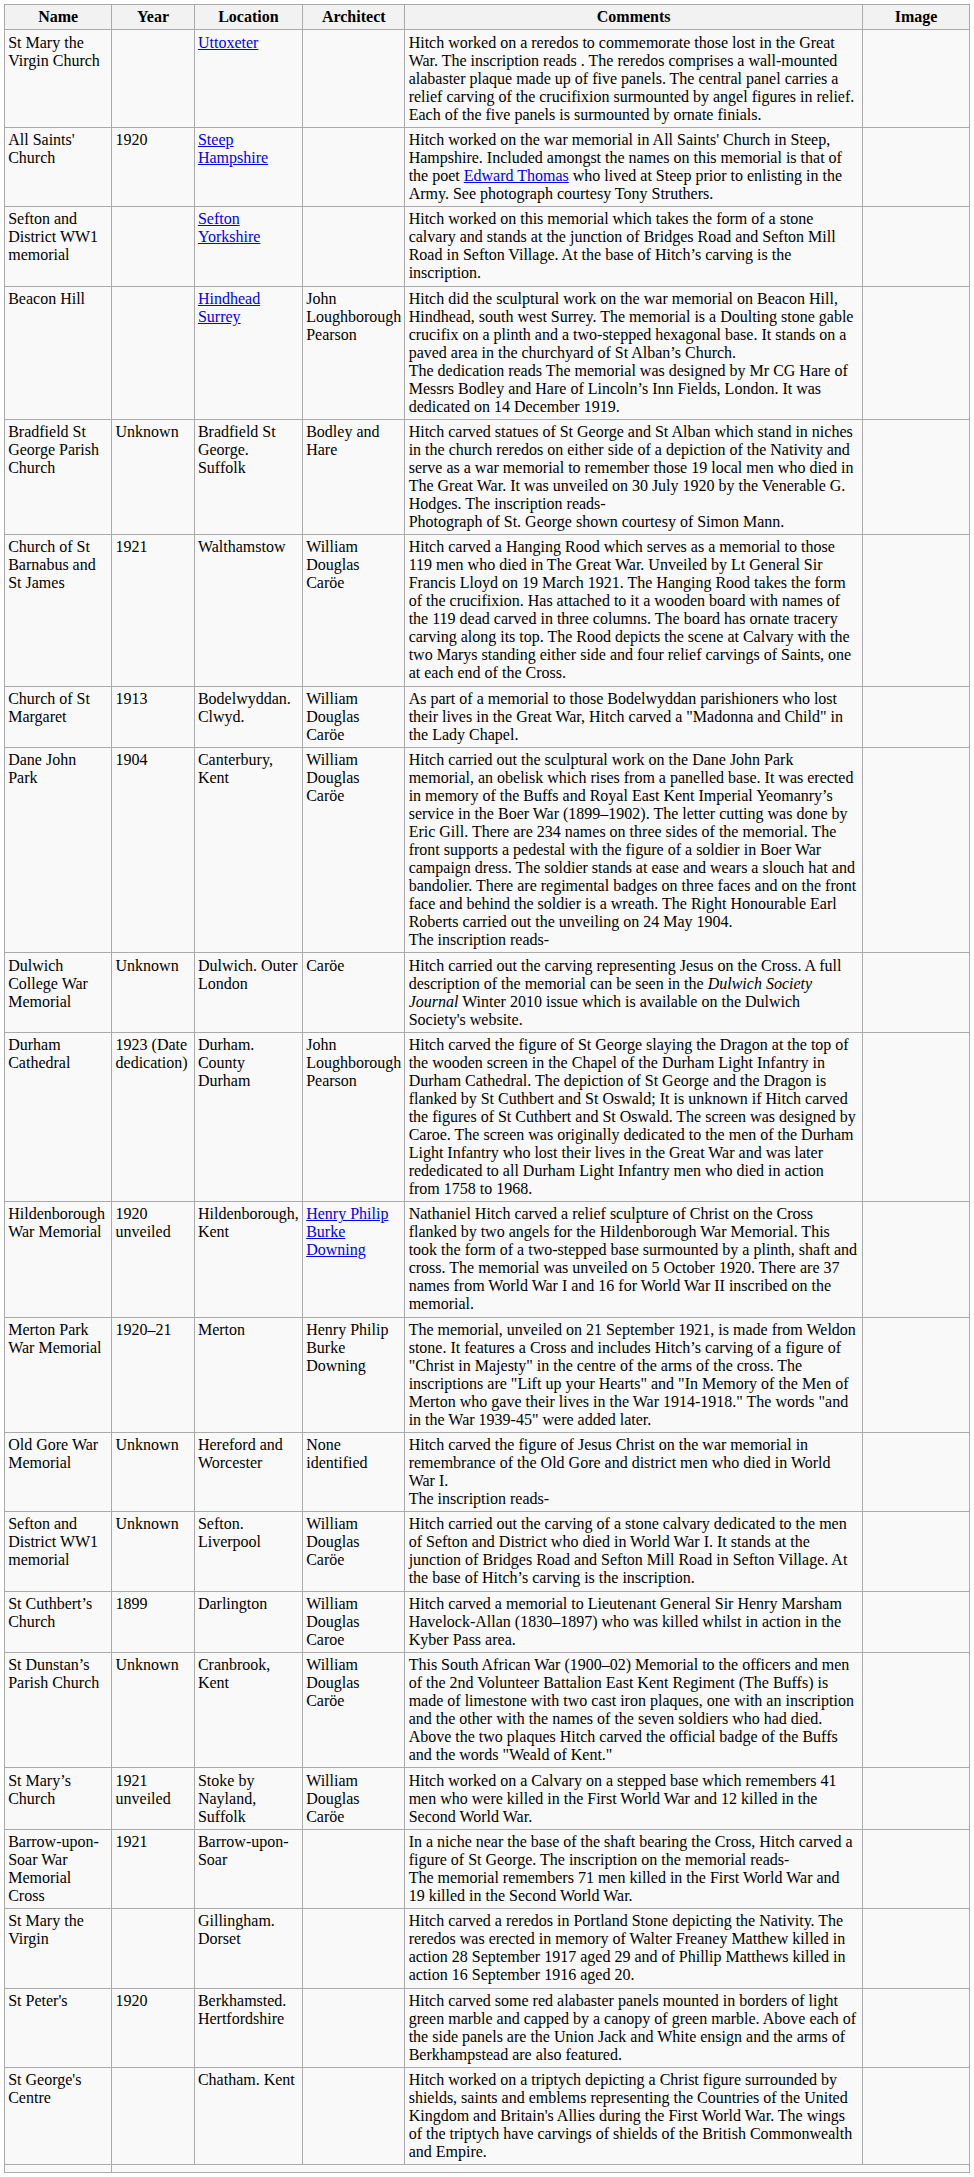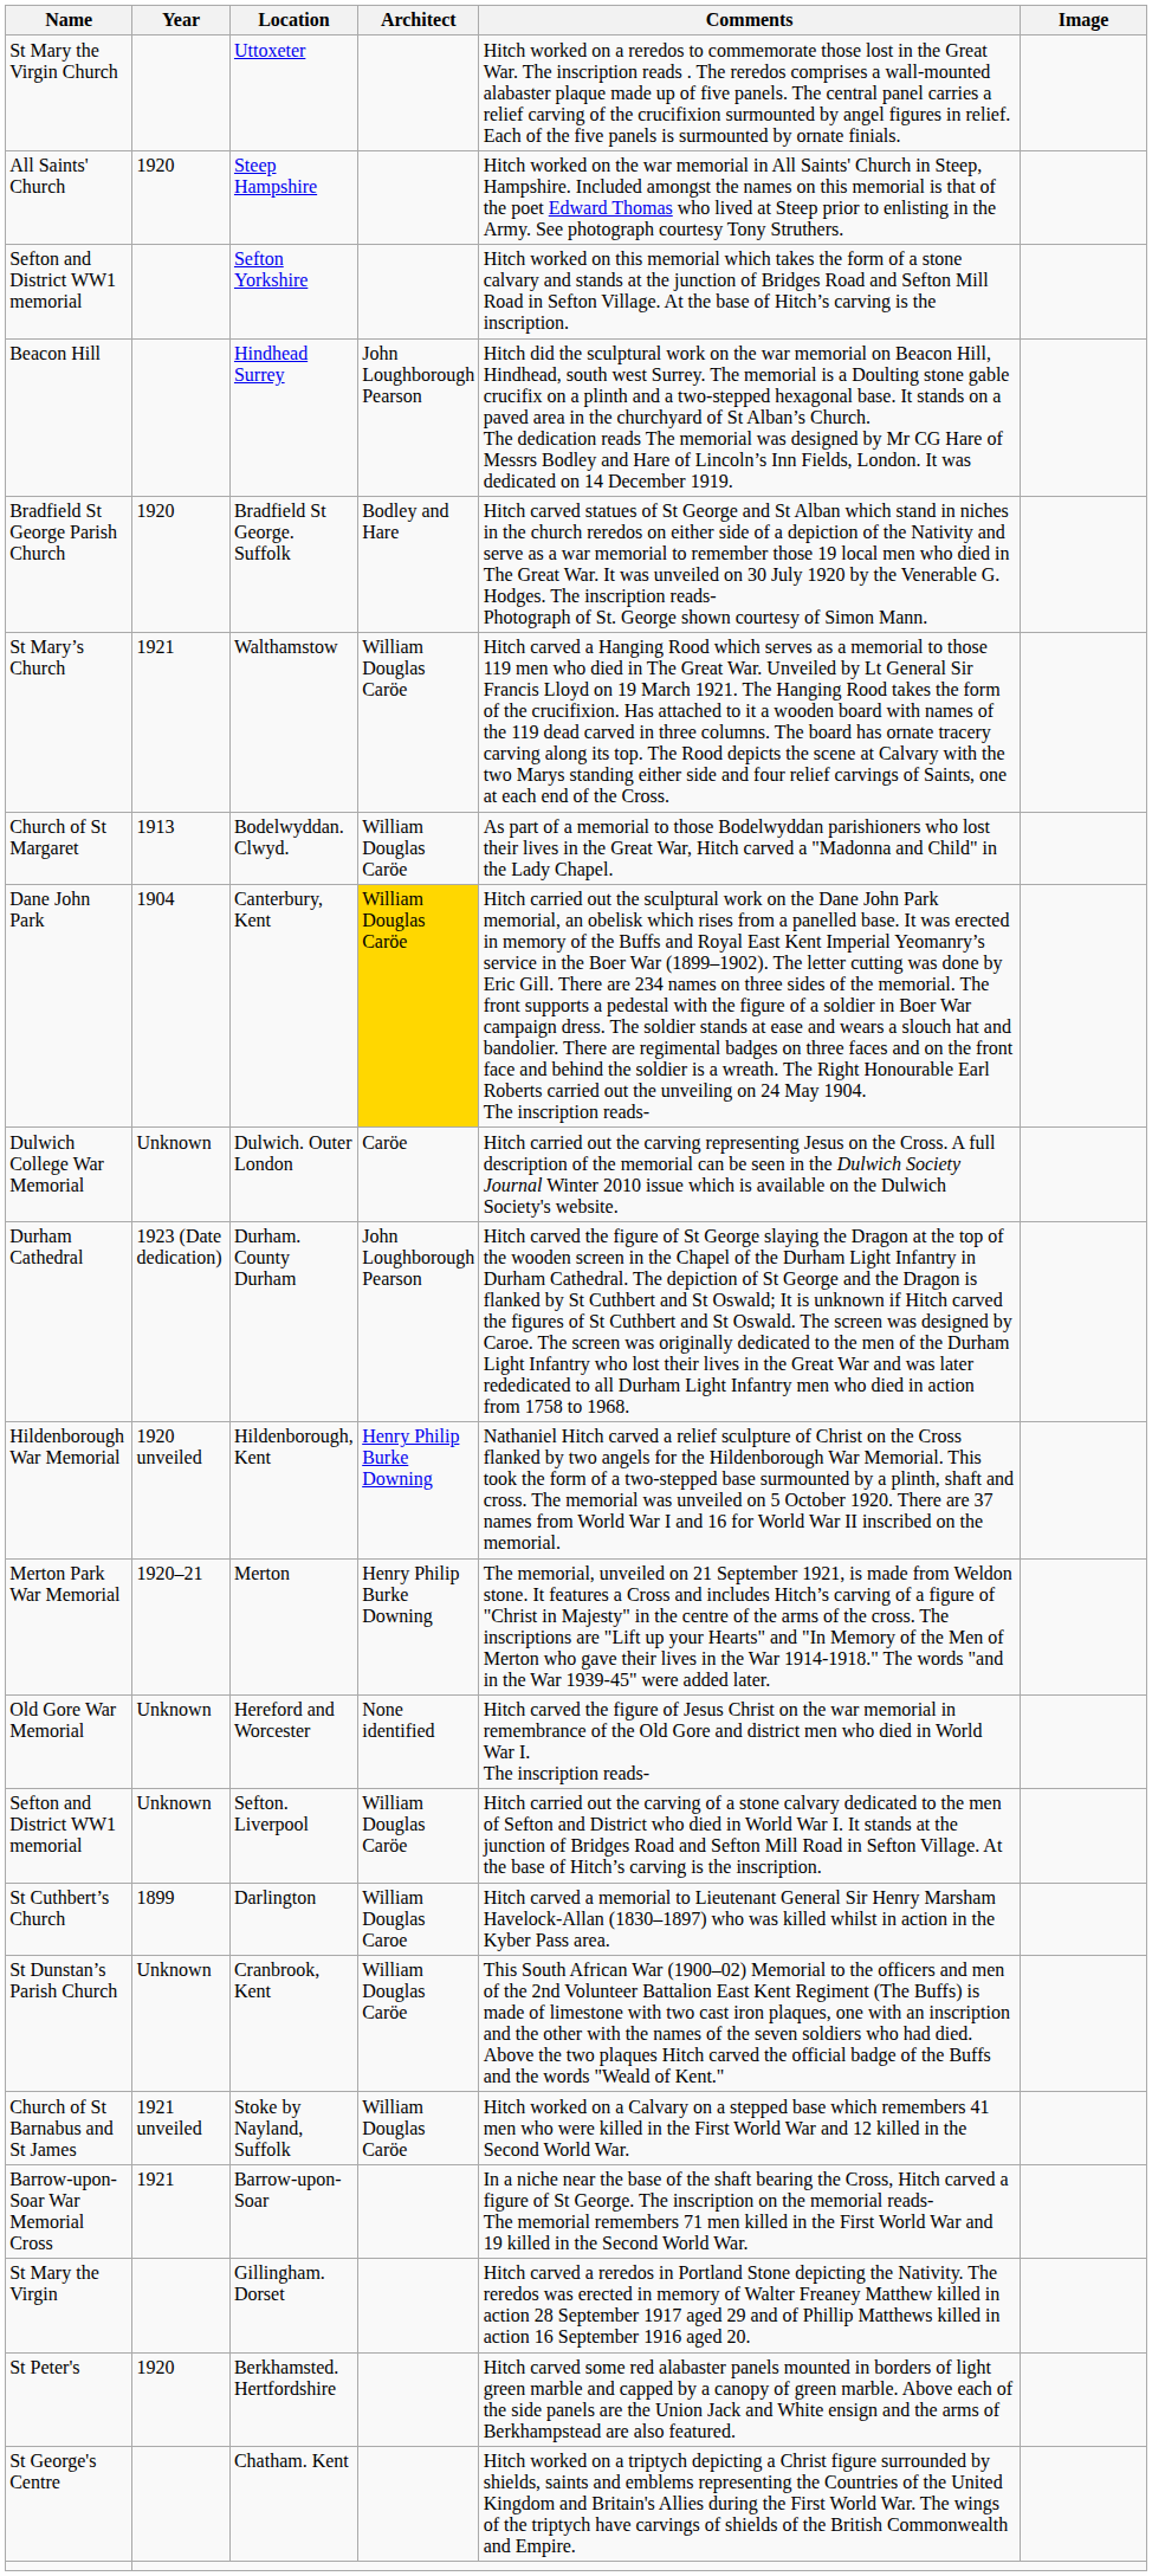 <table class="wikitable sortable">
 <tr>
 <th scope="col" style="width:100px;">Name</th>
 <th scope="col" style="width:75px;">Year</th>
 <th scope="col" style="width:100px;">Location</th>
 <th scope="col" style="width:70px;">Architect</th>
 <th scope="col" style="width:450px;">Comments</th>
 <th scope="col" style="width:100px;">Image</th>
 </tr>
 <tr valign="top">
 <td>St Mary the Virgin Church</td>
 <td></td>
 <td><a href='#'>Uttoxeter</a></td>
 <td></td>
 <td>Hitch worked on a reredos to commemorate those lost in the Great War. The inscription reads . The reredos comprises a wall-mounted alabaster plaque made up of five panels. The central panel carries a relief carving of the crucifixion surmounted by angel figures in relief. Each of the five panels is surmounted by ornate finials.</td>
 <td></td>
 </tr>
 <tr valign="top">
 <td>All Saints' Church</td>
 <td>1920</td>
 <td><a href='#'>Steep</a> <a href='#'>Hampshire</a></td>
 <td></td>
 <td>Hitch worked on the war memorial in All Saints' Church in Steep, Hampshire. Included amongst the names on this memorial is that of the poet <a href='#'>Edward Thomas</a> who lived at Steep prior to enlisting in the Army. See photograph courtesy Tony Struthers.</td>
 <td></td>
 </tr>
 <tr valign="top">
 <td>Sefton and District WW1 memorial</td>
 <td></td>
 <td><a href='#'>Sefton</a> <a href='#'>Yorkshire</a></td>
 <td></td>
 <td>Hitch worked on this memorial which takes the form of a stone calvary and stands at the junction of Bridges Road and Sefton Mill Road in Sefton Village. At the base of Hitch’s carving is the inscription.<br></td>
 <td></td>
 </tr>
 <tr valign="top">
 <td>Beacon Hill</td>
 <td></td>
 <td><a href='#'>Hindhead</a> <a href='#'>Surrey</a></td>
 <td>John Loughborough Pearson</td>
 <td>Hitch did the sculptural work on the war memorial on Beacon Hill, Hindhead, south west Surrey. The memorial is a Doulting stone gable crucifix on a plinth and a two-stepped hexagonal base. It stands on a paved area in the churchyard of St Alban’s Church.<br>The dedication reads The memorial was designed by Mr CG Hare of Messrs Bodley and Hare of Lincoln’s Inn Fields, London. It was dedicated on 14 December 1919.</td>
 <td></td>
 </tr>
 <tr valign="top">
 <td>Bradfield St George Parish Church</td>
-<td>Unknown</td>
+<td>1920</td>
 <td>Bradfield St George. Suffolk</td>
 <td>Bodley and Hare</td>
 <td>Hitch carved statues of St George and St Alban which stand in niches in the church reredos on either side of a depiction of the Nativity and serve as a war memorial to remember those 19 local men who died in The Great War. It was unveiled on 30 July 1920 by the Venerable G. Hodges. The inscription reads-<br>  Photograph of St. George shown courtesy of Simon Mann.</td>
 <td></td>
 </tr>
 <tr valign="top">
-<td>Church of St Barnabus and St James</td>
+<td>St Mary’s Church</td>
 <td>1921</td>
 <td>Walthamstow</td>
 <td>William Douglas Caröe</td>
 <td>Hitch carved a Hanging Rood which serves as a memorial to those 119 men who died in The Great War. Unveiled by Lt General Sir Francis Lloyd on 19 March 1921. The Hanging Rood takes the form of the crucifixion. Has attached to it a wooden board with names of the 119 dead carved in three columns. The board has ornate tracery carving along its top. The Rood depicts the scene at Calvary with the two Marys standing either side and four relief carvings of Saints, one at each end of the Cross.</td>
 <td></td>
 </tr>
 <tr valign="top">
 <td>Church of St Margaret</td>
 <td>1913</td>
 <td>Bodelwyddan. Clwyd.</td>
 <td>William Douglas Caröe</td>
 <td>As part of a memorial to those Bodelwyddan parishioners who lost their lives in the Great War, Hitch carved a "Madonna and Child" in the Lady Chapel.</td>
 <td></td>
 </tr>
 <tr valign="top">
 <td>Dane John Park</td>
 <td>1904</td>
 <td>Canterbury, Kent</td>
-<td>William Douglas Caröe</td>
+<td style="background: gold;">William Douglas Caröe</td>
 <td>Hitch carried out the sculptural work on the Dane John Park memorial, an obelisk which rises from a panelled base. It was erected in memory of the Buffs and Royal East Kent Imperial Yeomanry’s service in the Boer War (1899–1902). The letter cutting was done by Eric Gill. There are 234 names on three sides of the memorial. The front supports a pedestal with the figure of a soldier in Boer War campaign dress. The soldier stands at ease and wears a slouch hat and bandolier. There are regimental badges on three faces and on the front face and behind the soldier is a wreath. The Right Honourable Earl Roberts carried out the unveiling on 24 May 1904.<br>The inscription reads-</td>
 <td></td>
 </tr>
 <tr valign="top">
 <td>Dulwich College War Memorial</td>
 <td>Unknown</td>
 <td>Dulwich. Outer London</td>
 <td>Caröe</td>
 <td>Hitch carried out the carving representing Jesus on the Cross. A full description of the memorial can be seen in the <em>Dulwich Society Journal</em> Winter 2010 issue which is available on the Dulwich Society's website.</td>
 <td></td>
 </tr>
 <tr valign="top">
 <td>Durham Cathedral</td>
 <td>1923 (Date dedication)</td>
 <td>Durham. County Durham</td>
 <td>John Loughborough Pearson</td>
 <td>Hitch carved the figure of St George slaying the Dragon at the top of the wooden screen in the Chapel of the Durham Light Infantry in Durham Cathedral. The depiction of St George and the Dragon is flanked by St Cuthbert and St Oswald; It is unknown if Hitch carved the figures of St Cuthbert and St Oswald. The screen was designed by Caroe. The screen was originally dedicated to the men of the Durham Light Infantry who lost their lives in the Great War and was later rededicated to all Durham Light Infantry men who died in action from 1758 to 1968.</td>
 <td></td>
 </tr>
 <tr valign="top">
 <td>Hildenborough War Memorial</td>
 <td>1920 unveiled</td>
 <td>Hildenborough, Kent</td>
 <td><a href='#'>Henry Philip Burke Downing</a></td>
 <td>Nathaniel Hitch carved a relief sculpture of Christ on the Cross flanked by two angels for the Hildenborough War Memorial. This took the form of a two-stepped base surmounted by a plinth, shaft and cross. The memorial was unveiled on 5 October 1920. There are 37 names from World War I and 16 for World War II inscribed on the memorial.</td>
 <td></td>
 </tr>
 <tr valign="top">
 <td>Merton Park War Memorial</td>
 <td>1920–21</td>
 <td>Merton</td>
 <td>Henry Philip Burke Downing</td>
 <td>The memorial, unveiled on 21 September 1921, is made from Weldon stone. It features a Cross and includes Hitch’s carving of a figure of "Christ in Majesty" in the centre of the arms of the cross. The inscriptions are "Lift up your Hearts" and "In Memory of the Men of Merton who gave their lives in the War 1914-1918." The words "and in the War 1939-45" were added later.</td>
 <td></td>
 </tr>
 <tr valign="top">
 <td>Old Gore War Memorial</td>
 <td>Unknown</td>
 <td>Hereford and Worcester</td>
 <td>None identified</td>
 <td>Hitch carved the figure of Jesus Christ on the war memorial in remembrance of the Old Gore and district men who died in World War I.<br>The inscription reads-  </td>
 <td></td>
 </tr>
 <tr valign="top">
 <td>Sefton and District WW1 memorial</td>
 <td>Unknown</td>
 <td>Sefton. Liverpool</td>
 <td>William Douglas Caröe</td>
 <td>Hitch carried out the carving of a stone calvary dedicated to the men of Sefton and District who died in World War I. It stands at the junction of Bridges Road and Sefton Mill Road in Sefton Village. At the base of Hitch’s carving is the inscription.</td>
 <td></td>
 </tr>
 <tr valign="top">
 <td>St Cuthbert’s Church</td>
 <td>1899</td>
 <td>Darlington</td>
 <td>William Douglas Caroe</td>
 <td>Hitch carved a memorial to Lieutenant General Sir Henry Marsham Havelock-Allan (1830–1897) who was killed whilst in action in the Kyber Pass area.</td>
 <td></td>
 </tr>
 <tr valign="top">
 <td>St Dunstan’s Parish Church</td>
 <td>Unknown</td>
 <td>Cranbrook, Kent</td>
 <td>William Douglas Caröe</td>
 <td>This South African War (1900–02) Memorial to the officers and men of the 2nd Volunteer Battalion East Kent Regiment (The Buffs) is made of limestone with two cast iron plaques, one with an inscription and the other with the names of the seven soldiers who had died. Above the two plaques Hitch carved the official badge of the Buffs and the words "Weald of Kent."</td>
 <td></td>
 </tr>
 <tr valign="top">
-<td>St Mary’s Church</td>
+<td>Church of St Barnabus and St James</td>
 <td>1921 unveiled</td>
 <td>Stoke by Nayland, Suffolk</td>
 <td>William Douglas Caröe</td>
 <td>Hitch worked on a Calvary on a stepped base which remembers 41 men who were killed in the First World War and 12 killed in the Second World War.</td>
 <td></td>
 </tr>
 <tr valign="top">
 <td>Barrow-upon-Soar War Memorial Cross</td>
 <td>1921</td>
 <td>Barrow-upon-Soar</td>
 <td></td>
 <td>In a niche near the base of the shaft bearing the Cross, Hitch carved a figure of St George. The inscription on the memorial reads-<br> The memorial remembers 71 men killed in the First World War and 19 killed in the Second World War.</td>
 <td></td>
 </tr>
 <tr valign="top">
 <td>St Mary the Virgin</td>
 <td></td>
 <td>Gillingham. Dorset</td>
 <td></td>
 <td>Hitch carved a reredos in Portland Stone depicting the Nativity. The reredos was erected in memory of Walter Freaney Matthew killed in action 28 September 1917 aged 29 and of Phillip Matthews killed in action 16 September 1916 aged 20.</td>
 <td></td>
 </tr>
 <tr valign="top">
 <td>St Peter's</td>
 <td>1920</td>
 <td>Berkhamsted. Hertfordshire</td>
 <td></td>
 <td>Hitch carved some red alabaster panels mounted in borders of light green marble and capped by a canopy of green marble. Above each of the side panels are the Union Jack and White ensign and the arms of Berkhampstead are also featured.</td>
 <td></td>
 </tr>
 <tr valign="top">
 <td>St George's Centre</td>
 <td></td>
 <td>Chatham. Kent</td>
 <td></td>
 <td>Hitch worked on a triptych depicting a Christ figure surrounded by shields, saints and emblems representing the Countries of the United Kingdom and Britain's Allies during the First World War. The wings of the triptych have carvings of shields of the British Commonwealth and Empire.</td>
 <td></td>
 </tr>
 <tr Valign="top">
 <td></td>
 </tr>
 </table>
